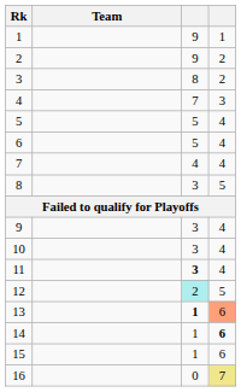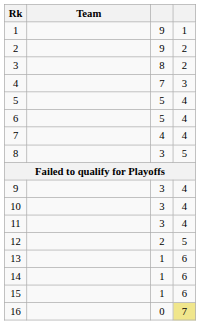 <table class=wikitable style="text-align:center; font-size:95%">
 <tr>
 <th width=25>Rk</th>
 <th width=170>Team</th>
 <th width=25></th>
 <th width=25></th>
 </tr>
 <tr>
 <td>1</td>
 <td align=left></td>
 <td>9</td>
 <td>1</td>
 </tr>
 <tr>
 <td>2</td>
 <td align=left></td>
 <td>9</td>
 <td>2</td>
 </tr>
 <tr>
 <td>3</td>
 <td align=left></td>
 <td>8</td>
 <td>2</td>
 </tr>
 <tr>
 <td>4</td>
 <td align=left></td>
 <td>7</td>
 <td>3</td>
 </tr>
 <tr>
 <td>5</td>
 <td align=left></td>
 <td>5</td>
 <td>4</td>
 </tr>
 <tr>
 <td>6</td>
 <td align=left></td>
 <td>5</td>
 <td>4</td>
 </tr>
 <tr>
 <td>7</td>
 <td align=left></td>
 <td>4</td>
 <td>4</td>
 </tr>
 <tr>
 <td>8</td>
 <td align=left></td>
 <td>3</td>
 <td>5</td>
 </tr>
 <tr>
 <th colspan="8">Failed to qualify for Playoffs</th>
 </tr>
 <tr>
 <td>9</td>
 <td align=left></td>
 <td>3</td>
 <td>4</td>
 </tr>
 <tr>
 <td>10</td>
 <td align=left></td>
 <td>3</td>
 <td>4</td>
 </tr>
 <tr>
 <td>11</td>
 <td align=left></td>
-<td><strong>3</strong></td>
+<td>3</td>
 <td>4</td>
 </tr>
 <tr>
 <td>12</td>
 <td align=left></td>
-<td style="background: paleturquoise;">2</td>
+<td>2</td>
 <td>5</td>
 </tr>
 <tr>
 <td>13</td>
 <td align=left></td>
-<td><strong>1</strong></td>
-<td style="background: lightsalmon;">6</td>
+<td>1</td>
+<td>6</td>
 </tr>
 <tr>
 <td>14</td>
 <td align=left></td>
 <td>1</td>
-<td><strong>6</strong></td>
+<td>6</td>
 </tr>
 <tr>
 <td>15</td>
 <td align=left></td>
 <td>1</td>
 <td>6</td>
 </tr>
 <tr>
 <td>16</td>
 <td align=left></td>
 <td>0</td>
 <td style="background: khaki;">7</td>
 </tr>
 </table>
